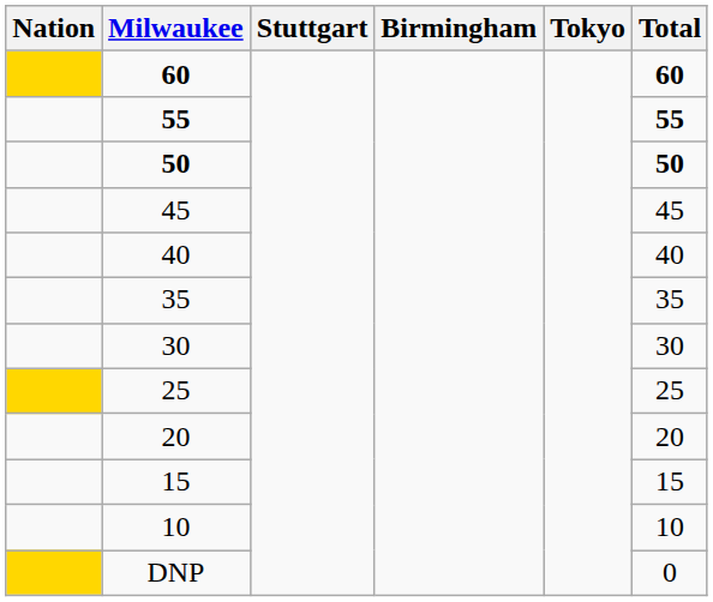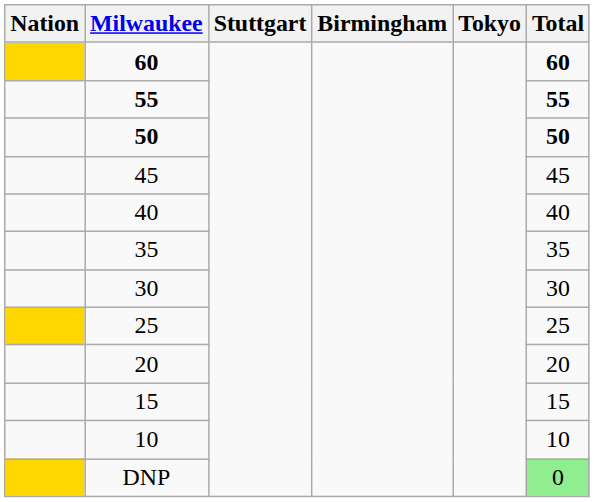 <table class="wikitable">
 <tr>
 <th>Nation</th>
 <th><a href='#'>Milwaukee</a> </th>
 <th>Stuttgart </th>
 <th>Birmingham </th>
 <th>Tokyo </th>
 <th>Total</th>
 </tr>
 <tr scope=row style="text-align:center">
 <td align=left bgcolor=gold></td>
 <td><strong>60</strong></td>
 <td rowspan=12></td>
 <td rowspan=12></td>
 <td rowspan=12></td>
 <td><strong>60</strong></td>
 </tr>
 <tr scope=row style="text-align:center">
 <td align=left></td>
 <td><strong>55</strong></td>
 <td><strong>55</strong></td>
 </tr>
 <tr scope=row style="text-align:center">
 <td align=left></td>
 <td><strong>50</strong></td>
 <td><strong>50</strong></td>
 </tr>
 <tr scope=row style="text-align:center">
 <td align=left></td>
 <td>45</td>
 <td>45</td>
 </tr>
 <tr scope=row style="text-align:center">
 <td align=left></td>
 <td>40</td>
 <td>40</td>
 </tr>
 <tr scope=row style="text-align:center">
 <td align=left></td>
 <td>35</td>
 <td>35</td>
 </tr>
 <tr scope=row style="text-align:center">
 <td align=left></td>
 <td>30</td>
 <td>30</td>
 </tr>
 <tr scope=row style="text-align:center">
 <td align=left bgcolor=gold></td>
 <td>25</td>
 <td>25</td>
 </tr>
 <tr scope=row style="text-align:center">
 <td align=left></td>
 <td>20</td>
 <td>20</td>
 </tr>
 <tr scope=row style="text-align:center">
 <td align=left></td>
 <td>15</td>
 <td>15</td>
 </tr>
 <tr scope=row style="text-align:center">
 <td align=left></td>
 <td>10</td>
 <td>10</td>
 </tr>
 <tr scope=row style="text-align:center">
 <td align=left bgcolor=gold></td>
 <td>DNP</td>
-<td>0</td>
+<td style="background: lightgreen;">0</td>
 </tr>
 </table>
